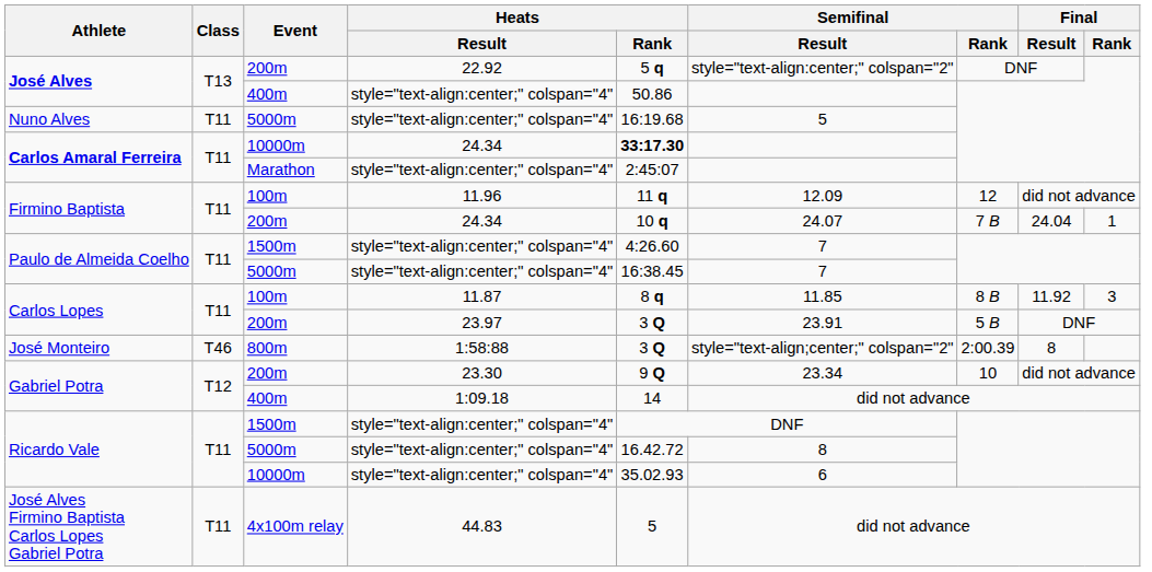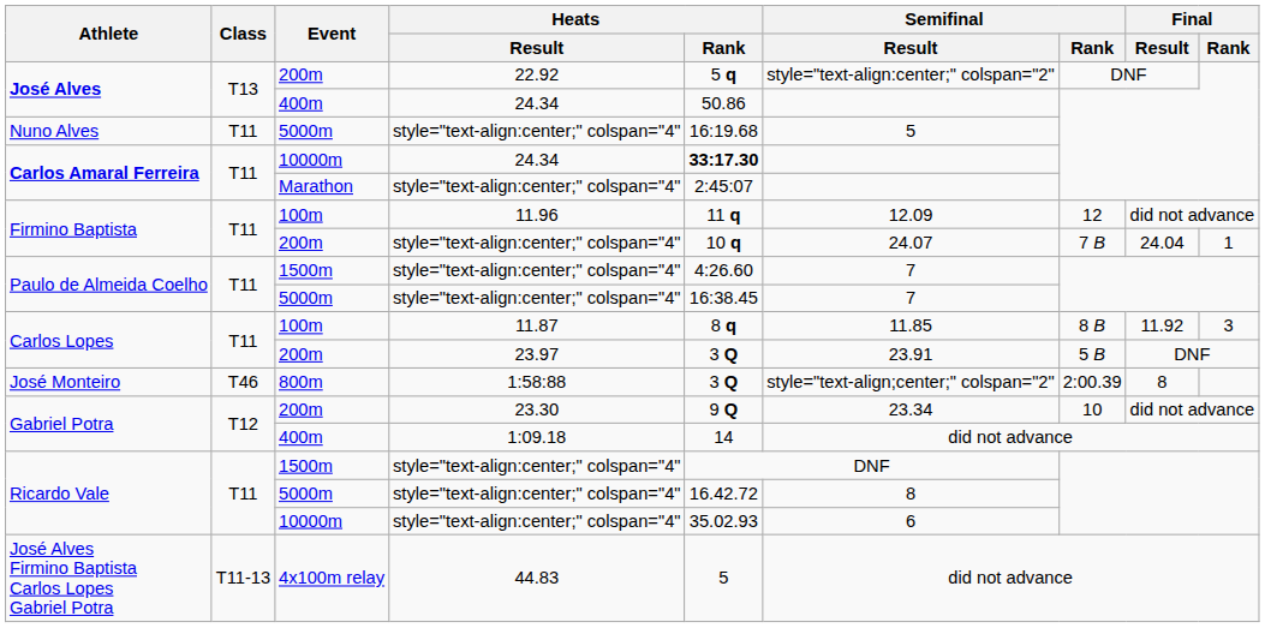 <table class=wikitable style="font-size:90%">
 <tr>
 <th rowspan="2">Athlete</th>
 <th rowspan="2">Class</th>
 <th rowspan="2">Event</th>
 <th colspan="2">Heats</th>
 <th colspan="2">Semifinal</th>
 <th colspan="3">Final</th>
 </tr>
 <tr>
 <th>Result</th>
 <th>Rank</th>
 <th>Result</th>
 <th>Rank</th>
 <th>Result</th>
 <th>Rank</th>
 </tr>
 <tr>
 <td rowspan="2"><strong><a href='#'>José Alves</a></strong></td>
 <td rowspan="2" style="text-align:center;">T13</td>
 <td><a href='#'>200m</a></td>
 <td style="text-align:center;">22.92</td>
 <td style="text-align:center;">5 <strong>q</strong></td>
 <td>style="text-align:center;" colspan="2" </td>
 <td style="text-align:center;" colspan="2">DNF</td>
 </tr>
 <tr>
 <td><a href='#'>400m</a></td>
-<td>style="text-align:center;" colspan="4" </td>
+<td style="text-align:center;">24.34</td>
 <td style="text-align:center;">50.86</td>
 <td style="text-align:center;"></td>
 </tr>
 <tr>
 <td><a href='#'>Nuno Alves</a></td>
 <td style="text-align:center;">T11</td>
 <td><a href='#'>5000m</a></td>
 <td>style="text-align:center;" colspan="4" </td>
 <td style="text-align:center;">16:19.68</td>
 <td style="text-align:center;">5</td>
 </tr>
 <tr>
 <td rowspan="2"><strong><a href='#'>Carlos Amaral Ferreira</a></strong></td>
 <td rowspan="2" style="text-align:center;">T11</td>
 <td><a href='#'>10000m</a></td>
 <td style="text-align:center;">24.34</td>
 <td style="text-align:center;"><strong>33:17.30</strong></td>
 <td style="text-align:center;"></td>
 </tr>
 <tr>
 <td><a href='#'>Marathon</a></td>
 <td>style="text-align:center;" colspan="4" </td>
 <td style="text-align:center;">2:45:07</td>
 <td style="text-align:center;"></td>
 </tr>
 <tr>
 <td rowspan="2"><a href='#'>Firmino Baptista</a></td>
 <td rowspan="2" style="text-align:center;">T11</td>
 <td><a href='#'>100m</a></td>
 <td style="text-align:center;">11.96</td>
 <td style="text-align:center;">11 <strong>q</strong></td>
 <td style="text-align:center;">12.09</td>
 <td style="text-align:center;">12</td>
 <td style="text-align:center;" colspan="2">did not advance</td>
 </tr>
 <tr>
 <td><a href='#'>200m</a></td>
-<td style="text-align:center;">24.34</td>
+<td>style="text-align:center;" colspan="4" </td>
 <td style="text-align:center;">10 <strong>q</strong></td>
 <td style="text-align:center;">24.07</td>
 <td style="text-align:center;">7 <em>B</em></td>
 <td style="text-align:center;">24.04</td>
 <td style="text-align:center;">1</td>
 </tr>
 <tr>
 <td rowspan="2"><a href='#'>Paulo de Almeida Coelho</a></td>
 <td rowspan="2" style="text-align:center;">T11</td>
 <td><a href='#'>1500m</a></td>
 <td>style="text-align:center;" colspan="4" </td>
 <td style="text-align:center;">4:26.60</td>
 <td style="text-align:center;">7</td>
 </tr>
 <tr>
 <td><a href='#'>5000m</a></td>
 <td>style="text-align:center;" colspan="4" </td>
 <td style="text-align:center;">16:38.45</td>
 <td style="text-align:center;">7</td>
 </tr>
 <tr>
 <td rowspan="2"><a href='#'>Carlos Lopes</a></td>
 <td rowspan="2" style="text-align:center;">T11</td>
 <td><a href='#'>100m</a></td>
 <td style="text-align:center;">11.87</td>
 <td style="text-align:center;">8 <strong>q</strong></td>
 <td style="text-align:center;">11.85</td>
 <td style="text-align:center;">8 <em>B</em></td>
 <td style="text-align:center;">11.92</td>
 <td style="text-align:center;">3</td>
 </tr>
 <tr>
 <td><a href='#'>200m</a></td>
 <td style="text-align:center;">23.97</td>
 <td style="text-align:center;">3 <strong>Q</strong></td>
 <td style="text-align:center;">23.91</td>
 <td style="text-align:center;">5 <em>B</em></td>
 <td style="text-align:center;" colspan="2">DNF</td>
 </tr>
 <tr>
 <td><a href='#'>José Monteiro</a></td>
 <td style="text-align:center;">T46</td>
 <td><a href='#'>800m</a></td>
 <td style="text-align:center;">1:58:88</td>
 <td style="text-align:center;">3 <strong>Q</strong></td>
 <td>style="text-align;center;" colspan="2" </td>
 <td style="text-align:center;">2:00.39</td>
 <td style="text-align:center;">8</td>
 </tr>
 <tr>
 <td rowspan="2"><a href='#'>Gabriel Potra</a></td>
 <td rowspan="2" style="text-align:center;">T12</td>
 <td><a href='#'>200m</a></td>
 <td style="text-align:center;">23.30</td>
 <td style="text-align:center;">9 <strong>Q</strong></td>
 <td style="text-align:center;">23.34</td>
 <td style="text-align:center;">10</td>
 <td style="text-align:center;" colspan="2">did not advance</td>
 </tr>
 <tr>
 <td><a href='#'>400m</a></td>
 <td style="text-align:center;">1:09.18</td>
 <td style="text-align:center;">14</td>
 <td style="text-align:center;" colspan="4">did not advance</td>
 </tr>
 <tr>
 <td rowspan="3"><a href='#'>Ricardo Vale</a></td>
 <td rowspan="3" style="text-align:center;">T11</td>
 <td><a href='#'>1500m</a></td>
 <td>style="text-align:center;" colspan="4" </td>
 <td style="text-align:center;" colspan="2">DNF</td>
 </tr>
 <tr>
 <td><a href='#'>5000m</a></td>
 <td>style="text-align:center;" colspan="4" </td>
 <td style="text-align:center;">16.42.72</td>
 <td style="text-align:center;">8</td>
 </tr>
 <tr>
 <td><a href='#'>10000m</a></td>
 <td>style="text-align:center;" colspan="4" </td>
 <td style="text-align:center;">35.02.93</td>
 <td style="text-align:center;">6</td>
 </tr>
 <tr>
 <td><a href='#'>José Alves</a><br> <a href='#'>Firmino Baptista</a><br> <a href='#'>Carlos Lopes</a><br> <a href='#'>Gabriel Potra</a></td>
-<td style="text-align:center;">T11</td>
+<td style="text-align:center;">T11-13</td>
 <td><a href='#'>4x100m relay</a></td>
 <td style="text-align:center;">44.83</td>
 <td style="text-align:center;">5</td>
 <td style="text-align:center;" colspan="4">did not advance</td>
 </tr>
 </table>
